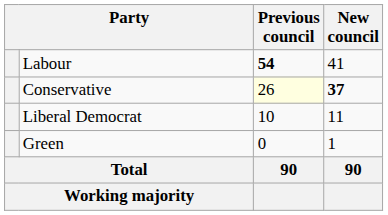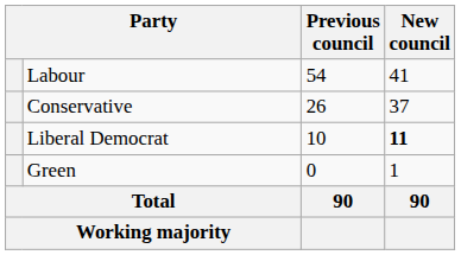 <table class="wikitable">
 <tr>
 <th valign=top colspan="2" style="width: 230px">Party</th>
 <th valign=top style="width: 30px">Previous council</th>
 <th valign=top style="width: 30px">New council</th>
 </tr>
 <tr>
 <th style="background-color: "></th>
 <td>Labour</td>
-<td><strong>54</strong></td>
+<td>54</td>
 <td>41</td>
 </tr>
 <tr>
 <th style="background-color: "></th>
 <td>Conservative</td>
-<td style="background: lightyellow;">26</td>
-<td><strong>37</strong></td>
+<td>26</td>
+<td>37</td>
 </tr>
 <tr>
 <th style="background-color: "></th>
 <td>Liberal Democrat</td>
 <td>10</td>
-<td>11</td>
+<td><strong>11</strong></td>
 </tr>
 <tr>
 <th style="background-color: "></th>
 <td>Green</td>
 <td>0</td>
 <td>1</td>
 </tr>
 <tr>
 <th colspan=2>Total</th>
 <th style="text-align: center">90</th>
 <th colspan=3>90</th>
 </tr>
 <tr>
 <th colspan=2>Working majority</th>
 <th></th>
 <th></th>
 </tr>
 </table>
